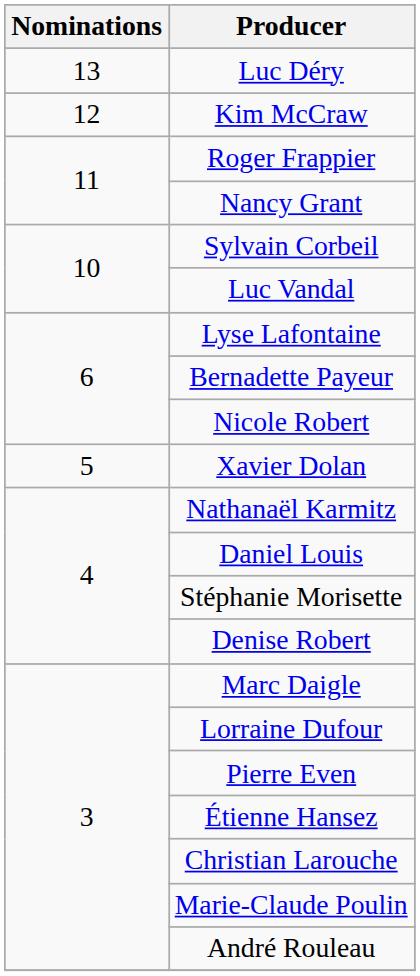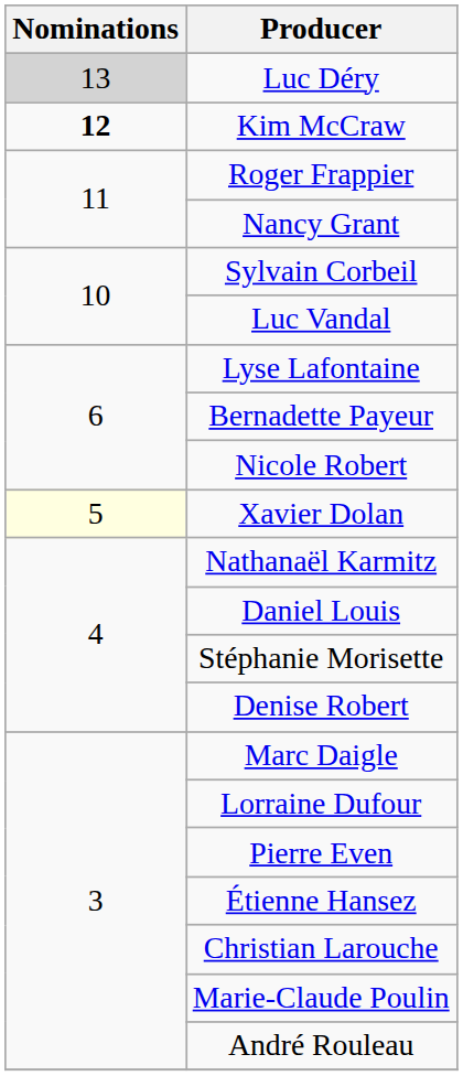 <table class="wikitable" style="text-align:center;">
 <tr>
 <th scope="col" width="17">Nominations</th>
 <th scope="col" align="center">Producer</th>
 </tr>
 <tr>
-<td rowspan="1" style="text-align:center;">13</td>
+<td rowspan="1" style="background: lightgrey; text-align:center;">13</td>
 <td><a href='#'>Luc Déry</a></td>
 </tr>
 <tr>
-<td rowspan="1" style="text-align:center;">12</td>
+<td rowspan="1" style="text-align:center;"><strong>12</strong></td>
 <td><a href='#'>Kim McCraw</a></td>
 </tr>
 <tr>
 <td rowspan="2" style="text-align:center;">11</td>
 <td><a href='#'>Roger Frappier</a></td>
 </tr>
 <tr>
 <td><a href='#'>Nancy Grant</a></td>
 </tr>
 <tr>
 <td rowspan="2" style="text-align:center;">10</td>
 <td><a href='#'>Sylvain Corbeil</a></td>
 </tr>
 <tr>
 <td><a href='#'>Luc Vandal</a></td>
 </tr>
 <tr>
 <td rowspan="3" style="text-align:center;">6</td>
 <td><a href='#'>Lyse Lafontaine</a></td>
 </tr>
 <tr>
 <td><a href='#'>Bernadette Payeur</a></td>
 </tr>
 <tr>
 <td><a href='#'>Nicole Robert</a></td>
 </tr>
 <tr>
-<td rowspan="1" style="text-align:center;">5</td>
+<td rowspan="1" style="background: lightyellow; text-align:center;">5</td>
 <td><a href='#'>Xavier Dolan</a></td>
 </tr>
 <tr>
 <td rowspan="4" style="text-align:center;">4</td>
 <td><a href='#'>Nathanaël Karmitz</a></td>
 </tr>
 <tr>
 <td><a href='#'>Daniel Louis</a></td>
 </tr>
 <tr>
 <td>Stéphanie Morisette</td>
 </tr>
 <tr>
 <td><a href='#'>Denise Robert</a></td>
 </tr>
 <tr>
 <td rowspan="7" style="text-align:center;">3</td>
 <td><a href='#'>Marc Daigle</a></td>
 </tr>
 <tr>
 <td><a href='#'>Lorraine Dufour</a></td>
 </tr>
 <tr>
 <td><a href='#'>Pierre Even</a></td>
 </tr>
 <tr>
 <td><a href='#'>Étienne Hansez</a></td>
 </tr>
 <tr>
 <td><a href='#'>Christian Larouche</a></td>
 </tr>
 <tr>
 <td><a href='#'>Marie-Claude Poulin</a></td>
 </tr>
 <tr>
 <td>André Rouleau</td>
 </tr>
 <tr>
 </tr>
 </table>
